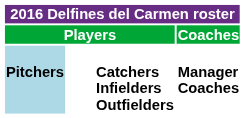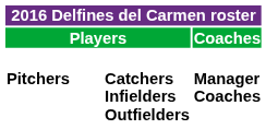 <table class="toccolours" style="font-size: 95%;">
 <tr>
 <th colspan="10" style="background-color: #672C83; color: #FFFFFF; text-align: center;"><strong>2016 Delfines del Carmen roster</strong></th>
 </tr>
 <tr>
 <td colspan="3" style="background-color: #00A736; color: #FFFFFF; text-align: center;"><strong>Players</strong></td>
 <td colspan="2" style="background-color: #00A736; color: #FFFFFF; text-align: center;"><strong>Coaches</strong></td>
 </tr>
 <tr>
-<td style="background: lightblue; vertical-align:top;text-align:left;"><br><strong>Pitchers</strong>                </td>
+<td style="vertical-align:top;text-align:left;"><br><strong>Pitchers</strong>                </td>
 <td width="25px"></td>
 <td style="vertical-align:top;text-align:left;"><br><strong>Catchers</strong>  <br><strong>Infielders</strong>     <br><strong>Outfielders</strong>     </td>
 <td style="vertical-align:top;text-align:left;"><br><strong>Manager</strong> <br><strong>Coaches</strong>    </td>
 </tr>
 </table>
